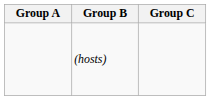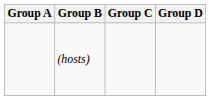 <table class="wikitable">
 <tr>
 <th width=25%>Group A</th>
 <th width=25%>Group B</th>
 <th width=25%>Group C</th>
+<th width=25%>Group D</th>
 </tr>
 <tr>
 <td><br> <br>  <br>  <br> </td>
 <td><br> <br>  <em>(hosts)</em> <br>  <br>  <br> </td>
 <td><br> <br>  <br> <del></del><br> </td>
+<td><br> <br>  <br>  <br> </td>
 </tr>
 </table>
